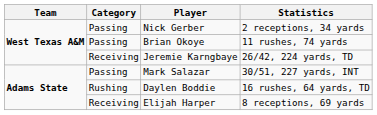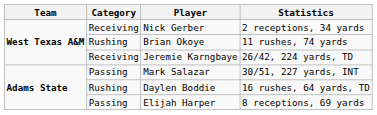 <table class="wikitable" style="float: left;">
 <tr>
 <th>Team</th>
 <th>Category</th>
 <th>Player</th>
 <th>Statistics</th>
 </tr>
 <tr>
 <td rowspan=3><strong>West Texas A&M</strong></td>
-<td>Passing</td>
+<td>Receiving</td>
 <td>Nick Gerber</td>
 <td>2 receptions, 34 yards</td>
 </tr>
 <tr>
-<td>Passing</td>
+<td>Rushing</td>
 <td>Brian Okoye</td>
 <td>11 rushes, 74 yards</td>
 </tr>
 <tr>
 <td>Receiving</td>
 <td>Jeremie Karngbaye</td>
 <td>26/42, 224 yards, TD</td>
 </tr>
 <tr>
 <td rowspan=3><strong>Adams State</strong></td>
 <td>Passing</td>
 <td>Mark Salazar</td>
 <td>30/51, 227 yards, INT</td>
 </tr>
 <tr>
 <td>Rushing</td>
 <td>Daylen Boddie</td>
 <td>16 rushes, 64 yards, TD</td>
 </tr>
 <tr>
-<td>Receiving</td>
+<td>Passing</td>
 <td>Elijah Harper</td>
 <td>8 receptions, 69 yards</td>
 </tr>
 </table>
